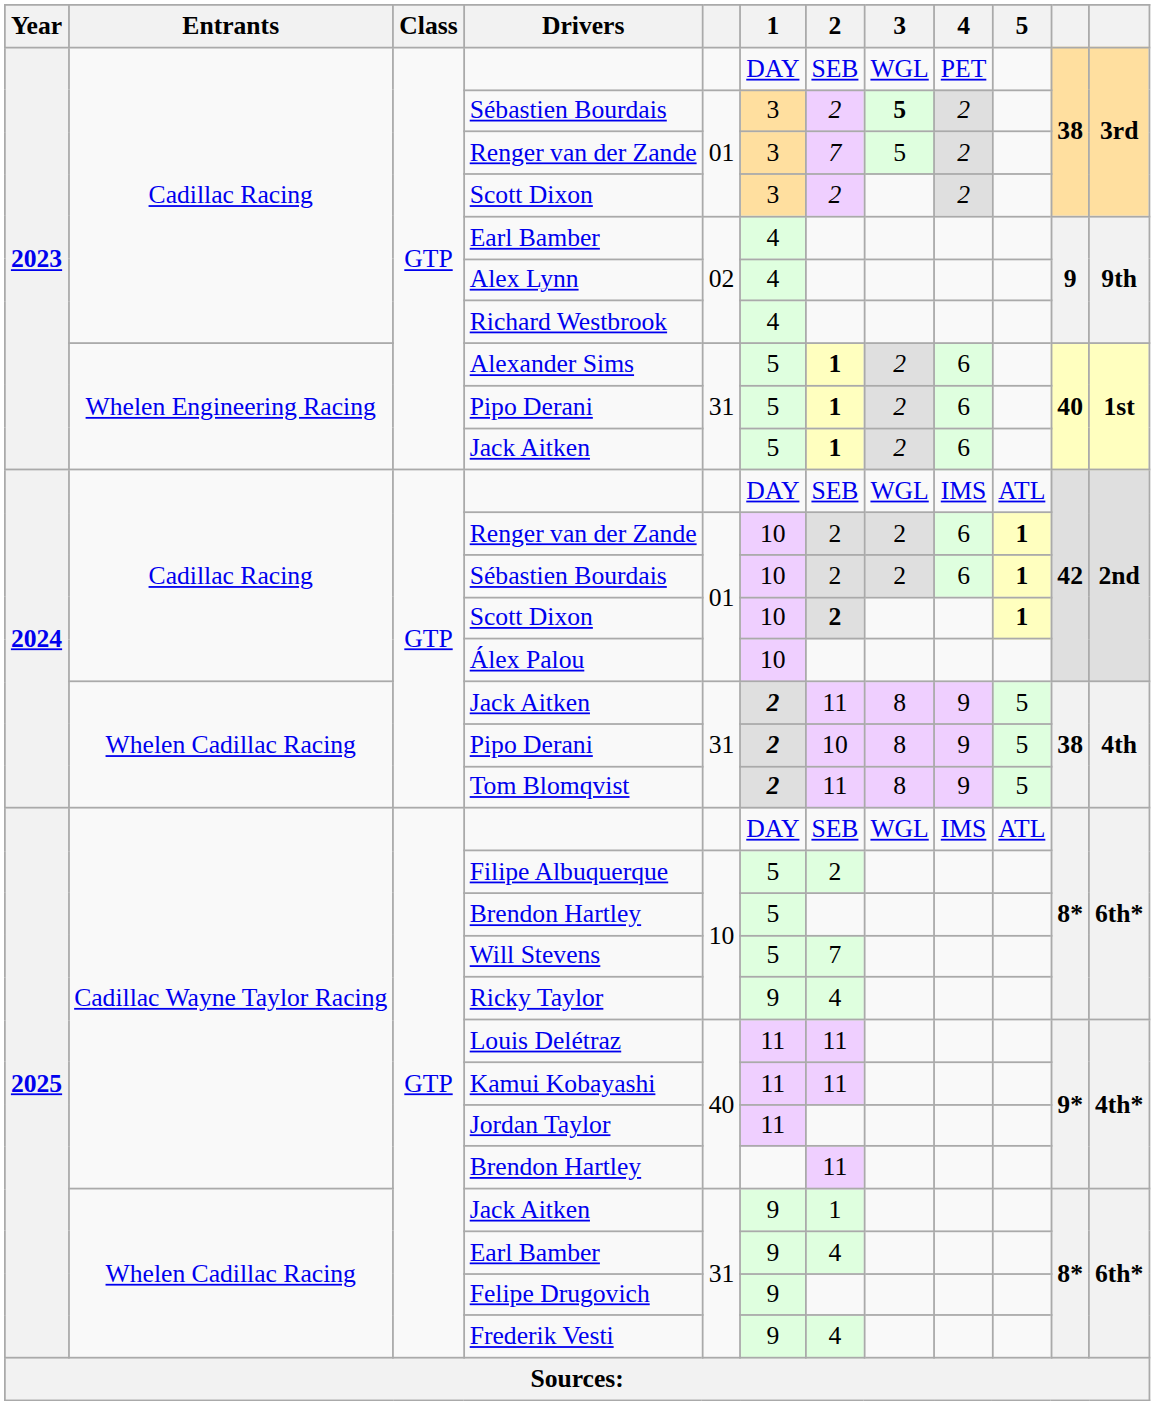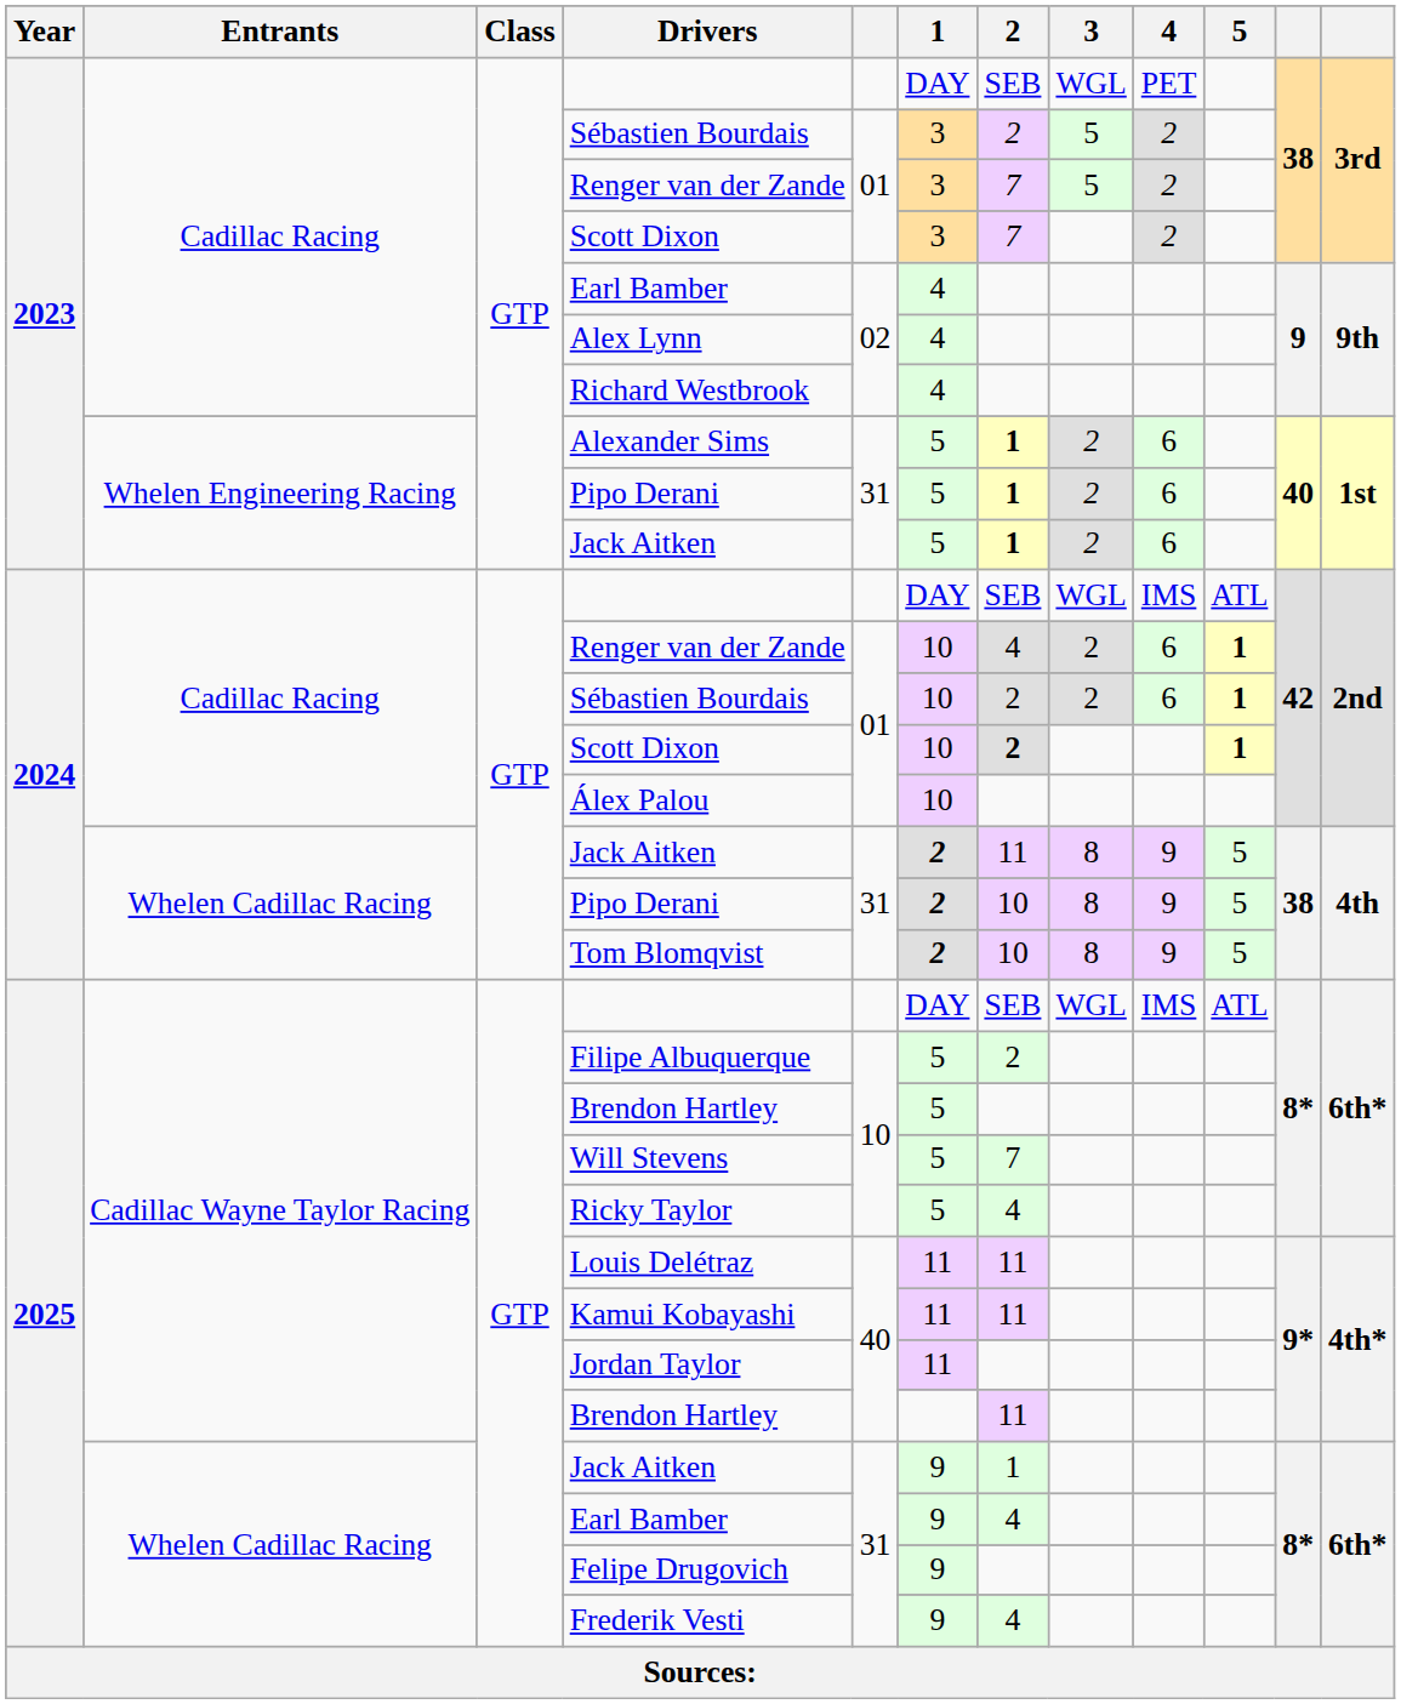 <table class = "wikitable" style="text-align:center; font-size:90%">
 <tr>
 <th>Year</th>
 <th>Entrants</th>
 <th>Class</th>
 <th>Drivers</th>
 <th></th>
 <th>1</th>
 <th>2</th>
 <th>3</th>
 <th>4</th>
 <th>5</th>
 <th></th>
 <th></th>
 </tr>
 <tr>
 <th rowspan="10"><a href='#'>2023</a></th>
 <td rowspan="7"><a href='#'>Cadillac Racing</a></td>
 <td rowspan="10"><a href='#'>GTP</a></td>
 <td></td>
 <td></td>
 <td><a href='#'>DAY</a></td>
 <td><a href='#'>SEB</a></td>
 <td><a href='#'>WGL</a></td>
 <td><a href='#'>PET</a></td>
 <td></td>
 <th rowspan="4" style="background:#FFDF9F;">38</th>
 <th rowspan="4" style="background:#FFDF9F;">3rd</th>
 </tr>
 <tr>
 <td align="left"> <a href='#'>Sébastien Bourdais</a></td>
 <td rowspan="3">01</td>
 <td style="background:#FFDF9F;">3</td>
 <td style="background:#EFCFFF;"><em>2</em></td>
-<td style="background:#DFFFDF;"><strong>5</strong></td>
+<td style="background:#DFFFDF;">5</td>
 <td style="background:#DFDFDF;"><em>2</em></td>
 <td></td>
 </tr>
 <tr>
 <td align="left"> <a href='#'>Renger van der Zande</a></td>
 <td style="background:#FFDF9F;">3</td>
 <td style="background:#EFCFFF;"><em>7</em></td>
 <td style="background:#DFFFDF;">5</td>
 <td style="background:#DFDFDF;"><em>2</em></td>
 <td></td>
 </tr>
 <tr>
 <td align="left"> <a href='#'>Scott Dixon</a></td>
 <td style="background:#FFDF9F;">3</td>
-<td style="background:#EFCFFF;"><em>2</em></td>
+<td style="background:#EFCFFF;"><em>7</em></td>
 <td></td>
 <td style="background:#DFDFDF;"><em>2</em></td>
 <td></td>
 </tr>
 <tr>
 <td align="left"> <a href='#'>Earl Bamber</a></td>
 <td rowspan="3">02</td>
 <td style="background:#DFFFDF;">4</td>
 <td></td>
 <td></td>
 <td></td>
 <td></td>
 <th rowspan="3">9</th>
 <th rowspan="3">9th</th>
 </tr>
 <tr>
 <td align="left"> <a href='#'>Alex Lynn</a></td>
 <td style="background:#DFFFDF;">4</td>
 <td></td>
 <td></td>
 <td></td>
 <td></td>
 </tr>
 <tr>
 <td align="left"> <a href='#'>Richard Westbrook</a></td>
 <td style="background:#DFFFDF;">4</td>
 <td></td>
 <td></td>
 <td></td>
 <td></td>
 </tr>
 <tr>
 <td rowspan="3"><a href='#'>Whelen Engineering Racing</a></td>
 <td align="left"> <a href='#'>Alexander Sims</a></td>
 <td rowspan="3">31</td>
 <td style="background:#DFFFDF;">5</td>
 <td style="background:#FFFFBF;”"><strong>1</strong></td>
 <td style="background:#DFDFDF;"><em>2</em></td>
 <td style="background:#DFFFDF;">6</td>
 <td></td>
 <th rowspan="3" style="background:#FFFFBF;”">40</th>
 <th rowspan="3" style="background:#FFFFBF;”">1st</th>
 </tr>
 <tr>
 <td align="left"> <a href='#'>Pipo Derani</a></td>
 <td style="background:#DFFFDF;">5</td>
 <td style="background:#FFFFBF;”"><strong>1</strong></td>
 <td style="background:#DFDFDF;"><em>2</em></td>
 <td style="background:#DFFFDF;">6</td>
 <td></td>
 </tr>
 <tr>
 <td align="left"> <a href='#'>Jack Aitken</a></td>
 <td style="background:#DFFFDF;">5</td>
 <td style="background:#FFFFBF;”"><strong>1</strong></td>
 <td style="background:#DFDFDF;"><em>2</em></td>
 <td style="background:#DFFFDF;">6</td>
 <td></td>
 </tr>
 <tr>
 <th rowspan="8"><a href='#'>2024</a></th>
 <td rowspan="5"><a href='#'>Cadillac Racing</a></td>
 <td rowspan="8"><a href='#'>GTP</a></td>
 <td></td>
 <td></td>
 <td><a href='#'>DAY</a></td>
 <td><a href='#'>SEB</a></td>
 <td><a href='#'>WGL</a></td>
 <td><a href='#'>IMS</a></td>
 <td><a href='#'>ATL</a></td>
 <th rowspan="5" style="background:#DFDFDF;">42</th>
 <th rowspan="5" style="background:#DFDFDF;">2nd</th>
 </tr>
 <tr>
 <td align="left"> <a href='#'>Renger van der Zande</a></td>
 <td rowspan="4">01</td>
 <td style="background:#EFCFFF;">10</td>
-<td style="background:#DFDFDF;">2</td>
+<td style="background:#DFDFDF;">4</td>
 <td style="background:#DFDFDF;">2</td>
 <td style="background:#DFFFDF;">6</td>
 <td style="background:#FFFFBF;"><strong>1</strong></td>
 </tr>
 <tr>
 <td align="left"> <a href='#'>Sébastien Bourdais</a></td>
 <td style="background:#EFCFFF;">10</td>
 <td style="background:#DFDFDF;">2</td>
 <td style="background:#DFDFDF;">2</td>
 <td style="background:#DFFFDF;">6</td>
 <td style="background:#FFFFBF;"><strong>1</strong></td>
 </tr>
 <tr>
 <td align="left"> <a href='#'>Scott Dixon</a></td>
 <td style="background:#EFCFFF;">10</td>
 <td style="background:#DFDFDF;"><strong>2</strong></td>
 <td></td>
 <td></td>
 <td style="background:#FFFFBF;"><strong>1</strong></td>
 </tr>
 <tr>
 <td align="left"> <a href='#'>Álex Palou</a></td>
 <td style="background:#EFCFFF;">10</td>
 <td></td>
 <td></td>
 <td></td>
 <td></td>
 </tr>
 <tr>
 <td rowspan="3"><a href='#'>Whelen Cadillac Racing</a></td>
 <td align="left"> <a href='#'>Jack Aitken</a></td>
 <td rowspan="3">31</td>
 <td style="background:#DFDFDF;"><strong><em>2</em></strong></td>
 <td style="background:#EFCFFF;">11</td>
 <td style="background:#EFCFFF;">8</td>
 <td style="background:#EFCFFF;">9</td>
 <td style="background:#DFFFDF;">5</td>
 <th rowspan="3">38</th>
 <th rowspan="3">4th</th>
 </tr>
 <tr>
 <td align="left"> <a href='#'>Pipo Derani</a></td>
 <td style="background:#DFDFDF;"><strong><em>2</em></strong></td>
 <td style="background:#EFCFFF;">10</td>
 <td style="background:#EFCFFF;">8</td>
 <td style="background:#EFCFFF;">9</td>
 <td style="background:#DFFFDF;">5</td>
 </tr>
 <tr>
 <td align="left"> <a href='#'>Tom Blomqvist</a></td>
 <td style="background:#DFDFDF;"><strong><em>2</em></strong></td>
-<td style="background:#EFCFFF;">11</td>
+<td style="background:#EFCFFF;">10</td>
 <td style="background:#EFCFFF;">8</td>
 <td style="background:#EFCFFF;">9</td>
 <td style="background:#DFFFDF;">5</td>
 </tr>
 <tr>
 <th rowspan="13"><a href='#'>2025</a></th>
 <td rowspan="9"><a href='#'>Cadillac Wayne Taylor Racing</a></td>
 <td rowspan="13"><a href='#'>GTP</a></td>
 <td></td>
 <td></td>
 <td><a href='#'>DAY</a></td>
 <td><a href='#'>SEB</a></td>
 <td><a href='#'>WGL</a></td>
 <td><a href='#'>IMS</a></td>
 <td><a href='#'>ATL</a></td>
 <th rowspan="5">8*</th>
 <th rowspan="5">6th*</th>
 </tr>
 <tr>
 <td align="left"> <a href='#'>Filipe Albuquerque</a></td>
 <td rowspan="4">10</td>
 <td style="background:#DFFFDF;">5</td>
 <td style="background:#DFFFDF;">2</td>
 <td></td>
 <td></td>
 <td></td>
 </tr>
 <tr>
 <td align="left"> <a href='#'>Brendon Hartley</a></td>
 <td style="background:#DFFFDF;">5</td>
 <td></td>
 <td></td>
 <td></td>
 <td></td>
 </tr>
 <tr>
 <td align="left"> <a href='#'>Will Stevens</a></td>
 <td style="background:#DFFFDF;">5</td>
 <td style="background:#DFFFDF;">7</td>
 <td></td>
 <td></td>
 <td></td>
 </tr>
 <tr>
 <td align="left"> <a href='#'>Ricky Taylor</a></td>
-<td style="background:#DFFFDF;">9</td>
+<td style="background:#DFFFDF;">5</td>
 <td style="background:#DFFFDF;">4</td>
 <td></td>
 <td></td>
 <td></td>
 </tr>
 <tr>
 <td align="left"> <a href='#'>Louis Delétraz</a></td>
 <td rowspan="4">40</td>
 <td style="background:#EFCFFF;">11</td>
 <td style="background:#EFCFFF;">11</td>
 <td></td>
 <td></td>
 <td></td>
 <th rowspan="4">9*</th>
 <th rowspan="4">4th*</th>
 </tr>
 <tr>
 <td align="left"> <a href='#'>Kamui Kobayashi</a></td>
 <td style="background:#EFCFFF;">11</td>
 <td style="background:#EFCFFF;">11</td>
 <td></td>
 <td></td>
 <td></td>
 </tr>
 <tr>
 <td align="left"> <a href='#'>Jordan Taylor</a></td>
 <td style="background:#EFCFFF;">11</td>
 <td></td>
 <td></td>
 <td></td>
 <td></td>
 </tr>
 <tr>
 <td align="left"> <a href='#'>Brendon Hartley</a></td>
 <td></td>
 <td style="background:#EFCFFF;">11</td>
 <td></td>
 <td></td>
 <td></td>
 </tr>
 <tr>
 <td rowspan="4"><a href='#'>Whelen Cadillac Racing</a></td>
 <td align="left"> <a href='#'>Jack Aitken</a></td>
 <td rowspan="4">31</td>
 <td style="background:#DFFFDF;">9</td>
 <td style="background:#DFFFDF;">1</td>
 <td></td>
 <td></td>
 <td></td>
 <th rowspan="4">8*</th>
 <th rowspan="4">6th*</th>
 </tr>
 <tr>
 <td align="left"> <a href='#'>Earl Bamber</a></td>
 <td style="background:#DFFFDF;">9</td>
 <td style="background:#DFFFDF;">4</td>
 <td></td>
 <td></td>
 <td></td>
 </tr>
 <tr>
 <td align="left"> <a href='#'>Felipe Drugovich</a></td>
 <td style="background:#DFFFDF;">9</td>
 <td></td>
 <td></td>
 <td></td>
 <td></td>
 </tr>
 <tr>
 <td align="left"> <a href='#'>Frederik Vesti</a></td>
 <td style="background:#DFFFDF;">9</td>
 <td style="background:#DFFFDF;">4</td>
 <td></td>
 <td></td>
 <td></td>
 </tr>
 <tr>
 <th colspan="12">Sources:</th>
 </tr>
 </table>
